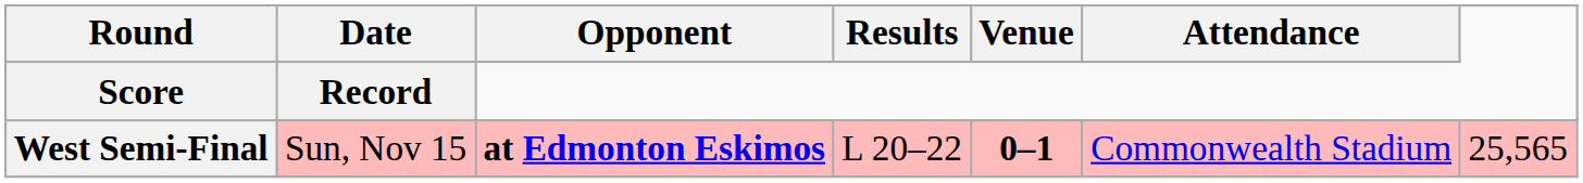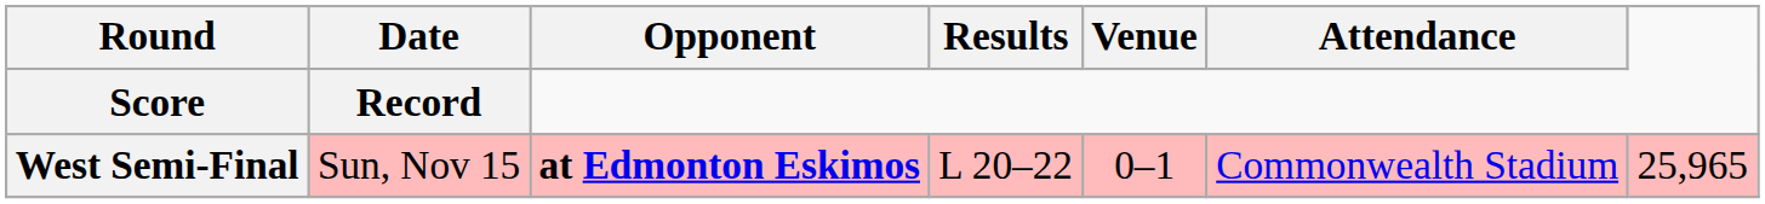 <table class="wikitable" style="text-align:center">
 <tr>
 <th>Round</th>
 <th>Date</th>
 <th>Opponent</th>
 <th>Results</th>
 <th>Venue</th>
 <th>Attendance</th>
 </tr>
 <tr>
 <th>Score</th>
 <th>Record</th>
 </tr>
 <tr style="background:#ffbbbb">
 <th>West Semi-Final</th>
 <td>Sun, Nov 15</td>
 <td><strong>at <a href='#'>Edmonton Eskimos</a></strong></td>
 <td>L 20–22</td>
-<td><strong>0–1</strong></td>
+<td>0–1</td>
 <td><a href='#'>Commonwealth Stadium</a></td>
-<td>25,565</td>
+<td>25,965</td>
 </tr>
 </table>
